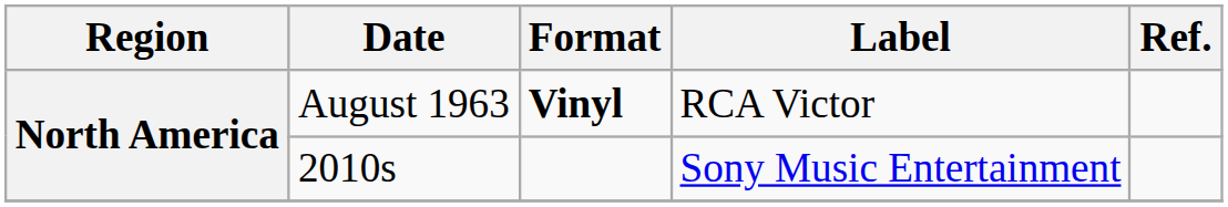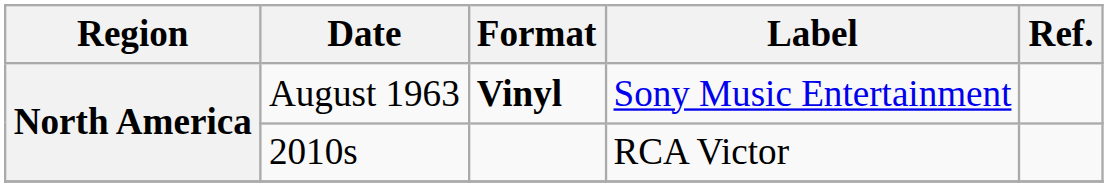 <table class="wikitable plainrowheaders">
 <tr>
 <th scope="col">Region</th>
 <th scope="col">Date</th>
 <th scope="col">Format</th>
 <th scope="col">Label</th>
 <th scope="col">Ref.</th>
 </tr>
 <tr>
 <th scope="row" rowspan="2">North America</th>
 <td>August 1963</td>
 <td><strong>Vinyl</strong></td>
-<td>RCA Victor</td>
+<td><a href='#'>Sony Music Entertainment</a></td>
 <td></td>
 </tr>
 <tr>
 <td>2010s</td>
 <td></td>
-<td><a href='#'>Sony Music Entertainment</a></td>
+<td>RCA Victor</td>
 <td></td>
 </tr>
 <tr>
 </tr>
 </table>
